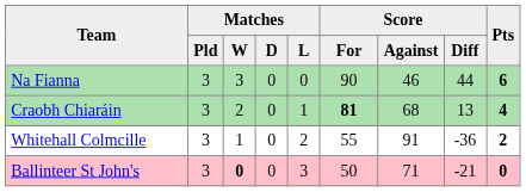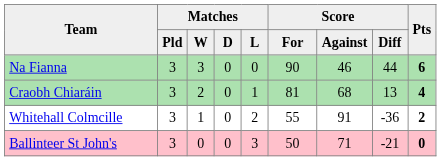 <table style=border-collapse:collapse border=1 cellspacing=0 cellpadding=5>
 <tr align=center bgcolor=#efefef>
 <th rowspan=2 width=165>Team</th>
 <th colspan=4>Matches</th>
 <th colspan=3>Score</th>
 <th rowspan=2width=20>Pts</th>
 </tr>
 <tr align=center bgcolor=#efefef>
 <th width=20>Pld</th>
 <th width=20>W</th>
 <th width=20>D</th>
 <th width=20>L</th>
 <th width=45>For</th>
 <th width=45>Against</th>
 <th width=30>Diff</th>
 </tr>
 <tr align=center style="background:#ACE1AF;">
 <td style="text-align:left;"> <a href='#'>Na Fianna</a></td>
 <td>3</td>
 <td>3</td>
 <td>0</td>
 <td>0</td>
 <td>90</td>
 <td>46</td>
 <td>44</td>
 <td><strong>6</strong></td>
 </tr>
 <tr align=center style="background:#ACE1AF;">
 <td style="text-align:left;"> <a href='#'>Craobh Chiaráin</a></td>
 <td>3</td>
 <td>2</td>
 <td>0</td>
 <td>1</td>
-<td><strong>81</strong></td>
+<td>81</td>
 <td>68</td>
 <td>13</td>
 <td><strong>4</strong></td>
 </tr>
 <tr align=center>
 <td style="text-align:left;"> <a href='#'>Whitehall Colmcille</a></td>
 <td>3</td>
 <td>1</td>
 <td>0</td>
 <td>2</td>
 <td>55</td>
 <td>91</td>
 <td>-36</td>
 <td><strong>2</strong></td>
 </tr>
 <tr align=center style="background:#FFC0CB;">
 <td style="text-align:left;"> <a href='#'>Ballinteer St John's</a></td>
 <td>3</td>
-<td><strong>0</strong></td>
+<td>0</td>
 <td>0</td>
 <td>3</td>
 <td>50</td>
 <td>71</td>
 <td>-21</td>
 <td><strong>0</strong></td>
 </tr>
 </table>
